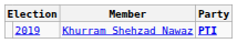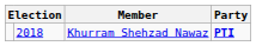 <table class="wikitable">
 <tr>
 <th colspan="2">Election</th>
 <th>Member</th>
 <th>Party</th>
 </tr>
 <tr>
 <td style="background-color: "></td>
-<td><a href='#'>2019</a></td>
+<td><a href='#'>2018</a></td>
 <td><a href='#'>Khurram Shehzad Nawaz</a></td>
 <td><strong><a href='#'>PTI</a></strong></td>
 </tr>
 </table>
